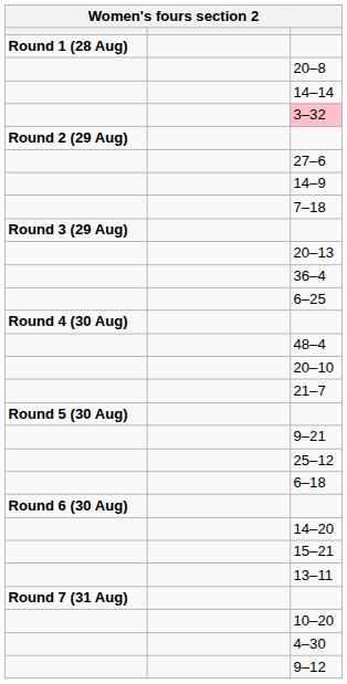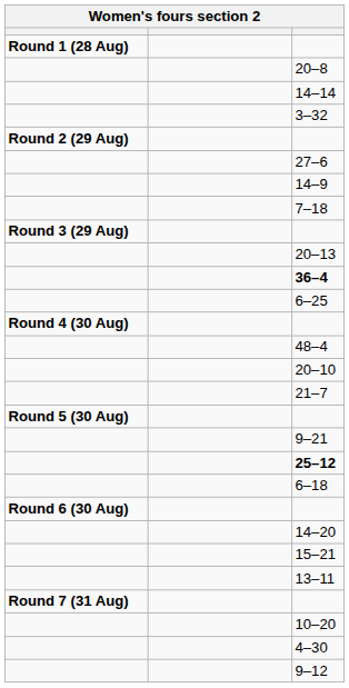 <table class="wikitable">
 <tr>
 <th colspan="3">Women's fours section 2</th>
 </tr>
 <tr>
 <th width=150></th>
 <th width=150></th>
 <th width=50></th>
 </tr>
 <tr>
 <td><strong>Round 1 (28 Aug)</strong></td>
 <td></td>
 <td></td>
 </tr>
 <tr>
 <td></td>
 <td></td>
 <td>20–8</td>
 </tr>
 <tr>
 <td></td>
 <td></td>
 <td>14–14</td>
 </tr>
 <tr>
 <td></td>
 <td></td>
-<td style="background: pink;">3–32</td>
+<td>3–32</td>
 </tr>
 <tr>
 <td><strong>Round 2 (29 Aug)</strong></td>
 <td></td>
 <td></td>
 </tr>
 <tr>
 <td></td>
 <td></td>
 <td>27–6</td>
 </tr>
 <tr>
 <td></td>
 <td></td>
 <td>14–9</td>
 </tr>
 <tr>
 <td></td>
 <td></td>
 <td>7–18</td>
 </tr>
 <tr>
 <td><strong>Round 3 (29 Aug)</strong></td>
 <td></td>
 <td></td>
 </tr>
 <tr>
 <td></td>
 <td></td>
 <td>20–13</td>
 </tr>
 <tr>
 <td></td>
 <td></td>
-<td>36–4</td>
+<td><strong>36–4</strong></td>
 </tr>
 <tr>
 <td></td>
 <td></td>
 <td>6–25</td>
 </tr>
 <tr>
 <td><strong>Round 4 (30 Aug)</strong></td>
 <td></td>
 <td></td>
 </tr>
 <tr>
 <td></td>
 <td></td>
 <td>48–4</td>
 </tr>
 <tr>
 <td></td>
 <td></td>
 <td>20–10</td>
 </tr>
 <tr>
 <td></td>
 <td></td>
 <td>21–7</td>
 </tr>
 <tr>
 <td><strong>Round 5 (30 Aug)</strong></td>
 <td></td>
 <td></td>
 </tr>
 <tr>
 <td></td>
 <td></td>
 <td>9–21</td>
 </tr>
 <tr>
 <td></td>
 <td></td>
-<td>25–12</td>
+<td><strong>25–12</strong></td>
 </tr>
 <tr>
 <td></td>
 <td></td>
 <td>6–18</td>
 </tr>
 <tr>
 <td><strong>Round 6  (30 Aug)</strong></td>
 <td></td>
 <td></td>
 </tr>
 <tr>
 <td></td>
 <td></td>
 <td>14–20</td>
 </tr>
 <tr>
 <td></td>
 <td></td>
 <td>15–21</td>
 </tr>
 <tr>
 <td></td>
 <td></td>
 <td>13–11</td>
 </tr>
 <tr>
 <td><strong>Round 7 (31 Aug)</strong></td>
 <td></td>
 <td></td>
 </tr>
 <tr>
 <td></td>
 <td></td>
 <td>10–20</td>
 </tr>
 <tr>
 <td></td>
 <td></td>
 <td>4–30</td>
 </tr>
 <tr>
 <td></td>
 <td></td>
 <td>9–12</td>
 </tr>
 </table>
